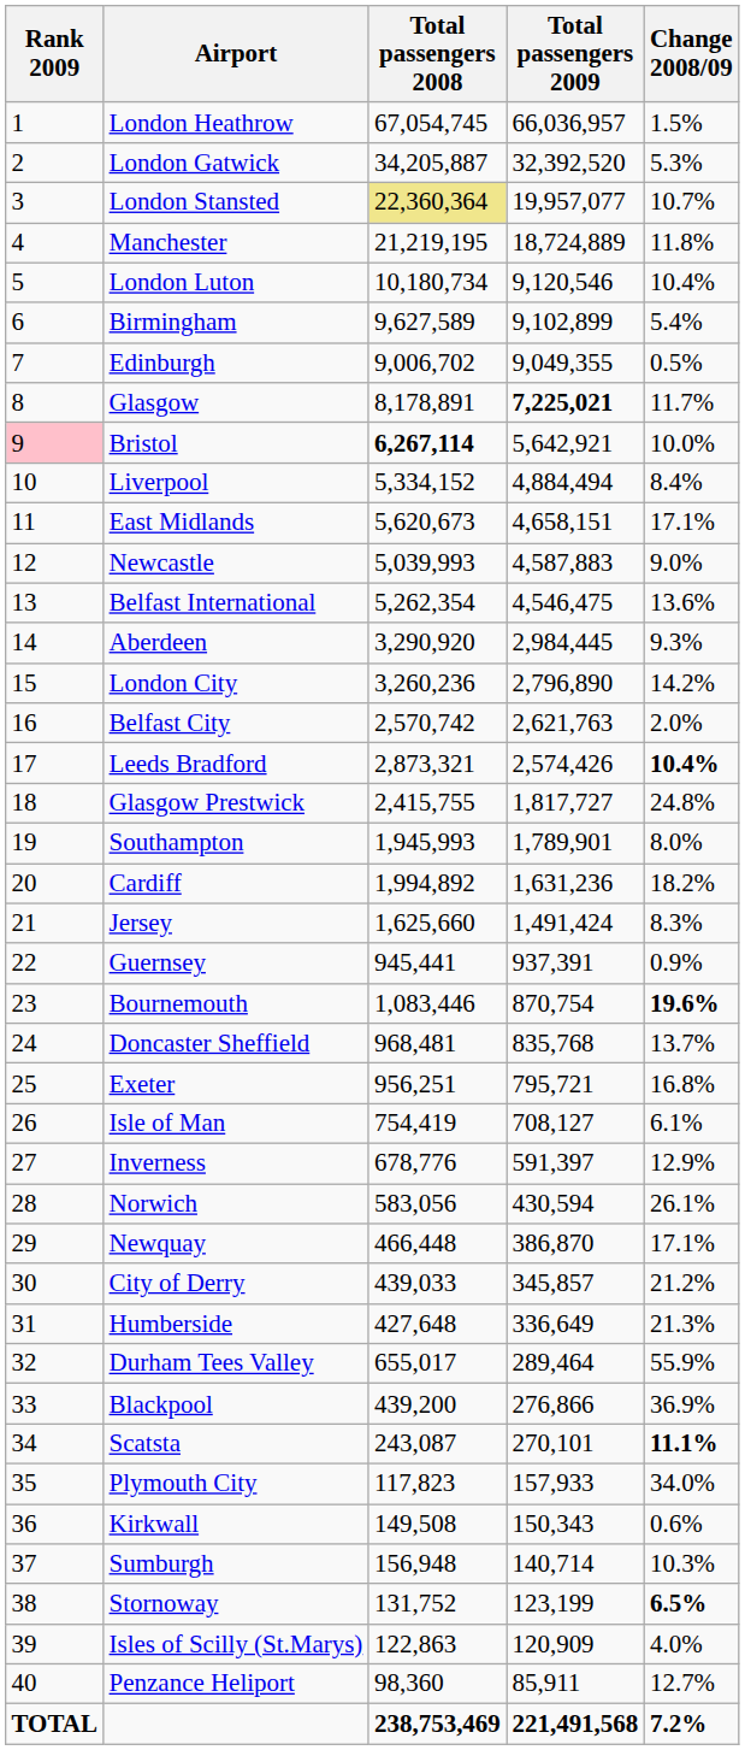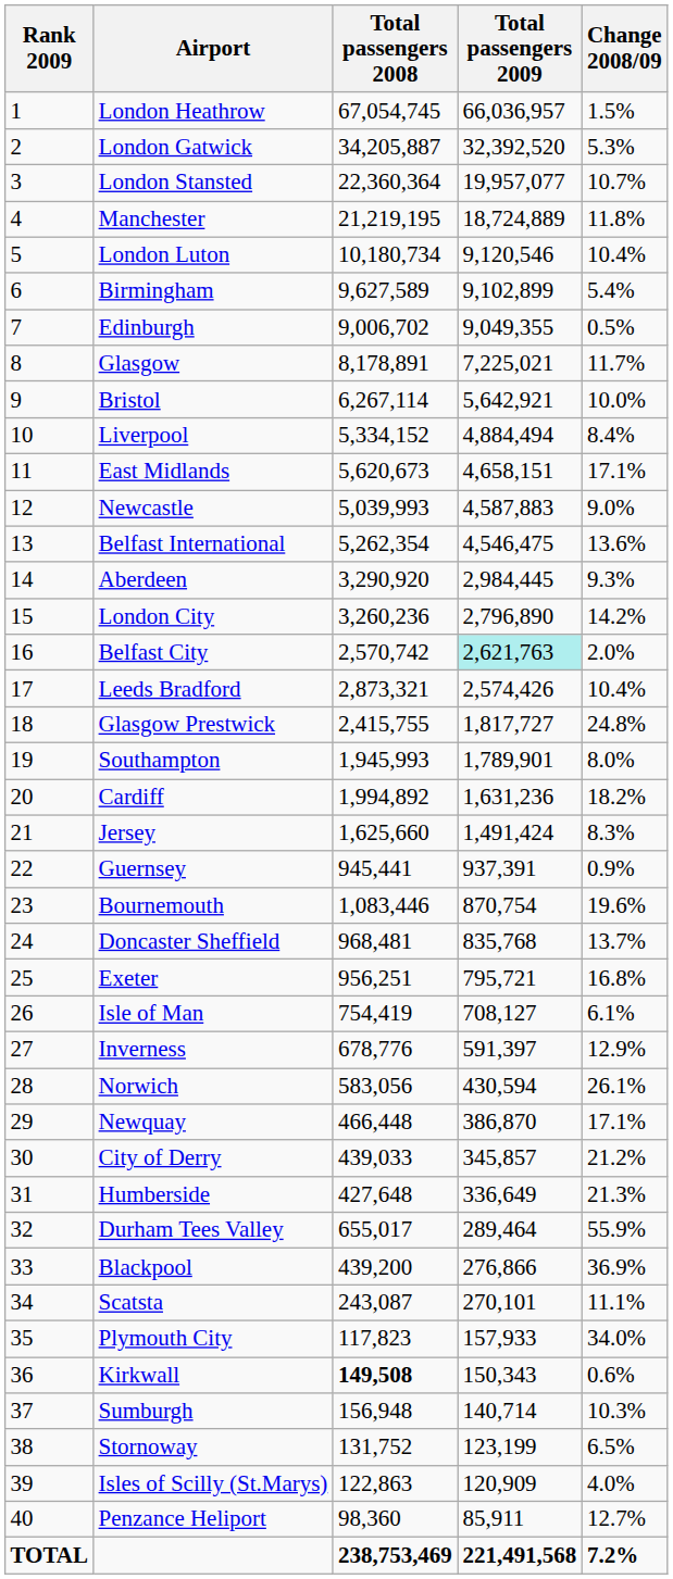 <table class="wikitable sortable">
 <tr>
 <th>Rank<br>2009</th>
 <th>Airport</th>
 <th>Total<br>passengers<br>2008</th>
 <th>Total<br>passengers<br>2009</th>
 <th>Change<br>2008/09</th>
 </tr>
 <tr>
 <td>1</td>
 <td><a href='#'>London Heathrow</a></td>
 <td>67,054,745</td>
 <td>66,036,957</td>
 <td>1.5%</td>
 </tr>
 <tr>
 <td>2</td>
 <td><a href='#'>London Gatwick</a></td>
 <td>34,205,887</td>
 <td>32,392,520</td>
 <td>5.3%</td>
 </tr>
 <tr>
 <td>3</td>
 <td><a href='#'>London Stansted</a></td>
-<td style="background: khaki;">22,360,364</td>
+<td>22,360,364</td>
 <td>19,957,077</td>
 <td>10.7%</td>
 </tr>
 <tr>
 <td>4</td>
 <td><a href='#'>Manchester</a></td>
 <td>21,219,195</td>
 <td>18,724,889</td>
 <td>11.8%</td>
 </tr>
 <tr>
 <td>5</td>
 <td><a href='#'>London Luton</a></td>
 <td>10,180,734</td>
 <td>9,120,546</td>
 <td>10.4%</td>
 </tr>
 <tr>
 <td>6</td>
 <td><a href='#'>Birmingham</a></td>
 <td>9,627,589</td>
 <td>9,102,899</td>
 <td>5.4%</td>
 </tr>
 <tr>
 <td>7</td>
 <td><a href='#'>Edinburgh</a></td>
 <td>9,006,702</td>
 <td>9,049,355</td>
 <td>0.5%</td>
 </tr>
 <tr>
 <td>8</td>
 <td><a href='#'>Glasgow</a></td>
 <td>8,178,891</td>
-<td><strong>7,225,021</strong></td>
+<td>7,225,021</td>
 <td>11.7%</td>
 </tr>
 <tr>
-<td style="background: pink;">9</td>
+<td>9</td>
 <td><a href='#'>Bristol</a></td>
-<td><strong>6,267,114</strong></td>
+<td>6,267,114</td>
 <td>5,642,921</td>
 <td>10.0%</td>
 </tr>
 <tr>
 <td>10</td>
 <td><a href='#'>Liverpool</a></td>
 <td>5,334,152</td>
 <td>4,884,494</td>
 <td>8.4%</td>
 </tr>
 <tr>
 <td>11</td>
 <td><a href='#'>East Midlands</a></td>
 <td>5,620,673</td>
 <td>4,658,151</td>
 <td>17.1%</td>
 </tr>
 <tr>
 <td>12</td>
 <td><a href='#'>Newcastle</a></td>
 <td>5,039,993</td>
 <td>4,587,883</td>
 <td>9.0%</td>
 </tr>
 <tr>
 <td>13</td>
 <td><a href='#'>Belfast International</a></td>
 <td>5,262,354</td>
 <td>4,546,475</td>
 <td>13.6%</td>
 </tr>
 <tr>
 <td>14</td>
 <td><a href='#'>Aberdeen</a></td>
 <td>3,290,920</td>
 <td>2,984,445</td>
 <td>9.3%</td>
 </tr>
 <tr>
 <td>15</td>
 <td><a href='#'>London City</a></td>
 <td>3,260,236</td>
 <td>2,796,890</td>
 <td>14.2%</td>
 </tr>
 <tr>
 <td>16</td>
 <td><a href='#'>Belfast City</a></td>
 <td>2,570,742</td>
-<td>2,621,763</td>
+<td style="background: paleturquoise;">2,621,763</td>
 <td>2.0%</td>
 </tr>
 <tr>
 <td>17</td>
 <td><a href='#'>Leeds Bradford</a></td>
 <td>2,873,321</td>
 <td>2,574,426</td>
-<td><strong>10.4%</strong></td>
+<td>10.4%</td>
 </tr>
 <tr>
 <td>18</td>
 <td><a href='#'>Glasgow Prestwick</a></td>
 <td>2,415,755</td>
 <td>1,817,727</td>
 <td>24.8%</td>
 </tr>
 <tr>
 <td>19</td>
 <td><a href='#'>Southampton</a></td>
 <td>1,945,993</td>
 <td>1,789,901</td>
 <td>8.0%</td>
 </tr>
 <tr>
 <td>20</td>
 <td><a href='#'>Cardiff</a></td>
 <td>1,994,892</td>
 <td>1,631,236</td>
 <td>18.2%</td>
 </tr>
 <tr>
 <td>21</td>
 <td><a href='#'>Jersey</a></td>
 <td>1,625,660</td>
 <td>1,491,424</td>
 <td>8.3%</td>
 </tr>
 <tr>
 <td>22</td>
 <td><a href='#'>Guernsey</a></td>
 <td>945,441</td>
 <td>937,391</td>
 <td>0.9%</td>
 </tr>
 <tr>
 <td>23</td>
 <td><a href='#'>Bournemouth</a></td>
 <td>1,083,446</td>
 <td>870,754</td>
-<td><strong>19.6%</strong></td>
+<td>19.6%</td>
 </tr>
 <tr>
 <td>24</td>
 <td><a href='#'>Doncaster Sheffield</a></td>
 <td>968,481</td>
 <td>835,768</td>
 <td>13.7%</td>
 </tr>
 <tr>
 <td>25</td>
 <td><a href='#'>Exeter</a></td>
 <td>956,251</td>
 <td>795,721</td>
 <td>16.8%</td>
 </tr>
 <tr>
 <td>26</td>
 <td><a href='#'>Isle of Man</a></td>
 <td>754,419</td>
 <td>708,127</td>
 <td>6.1%</td>
 </tr>
 <tr>
 <td>27</td>
 <td><a href='#'>Inverness</a></td>
 <td>678,776</td>
 <td>591,397</td>
 <td>12.9%</td>
 </tr>
 <tr>
 <td>28</td>
 <td><a href='#'>Norwich</a></td>
 <td>583,056</td>
 <td>430,594</td>
 <td>26.1%</td>
 </tr>
 <tr>
 <td>29</td>
 <td><a href='#'>Newquay</a></td>
 <td>466,448</td>
 <td>386,870</td>
 <td>17.1%</td>
 </tr>
 <tr>
 <td>30</td>
 <td><a href='#'>City of Derry</a></td>
 <td>439,033</td>
 <td>345,857</td>
 <td>21.2%</td>
 </tr>
 <tr>
 <td>31</td>
 <td><a href='#'>Humberside</a></td>
 <td>427,648</td>
 <td>336,649</td>
 <td>21.3%</td>
 </tr>
 <tr>
 <td>32</td>
 <td><a href='#'>Durham Tees Valley</a></td>
 <td>655,017</td>
 <td>289,464</td>
 <td>55.9%</td>
 </tr>
 <tr>
 <td>33</td>
 <td><a href='#'>Blackpool</a></td>
 <td>439,200</td>
 <td>276,866</td>
 <td>36.9%</td>
 </tr>
 <tr>
 <td>34</td>
 <td><a href='#'>Scatsta</a></td>
 <td>243,087</td>
 <td>270,101</td>
-<td><strong>11.1%</strong></td>
+<td>11.1%</td>
 </tr>
 <tr>
 <td>35</td>
 <td><a href='#'>Plymouth City</a></td>
 <td>117,823</td>
 <td>157,933</td>
 <td>34.0%</td>
 </tr>
 <tr>
 <td>36</td>
 <td><a href='#'>Kirkwall</a></td>
-<td>149,508</td>
+<td><strong>149,508</strong></td>
 <td>150,343</td>
 <td>0.6%</td>
 </tr>
 <tr>
 <td>37</td>
 <td><a href='#'>Sumburgh</a></td>
 <td>156,948</td>
 <td>140,714</td>
 <td>10.3%</td>
 </tr>
 <tr>
 <td>38</td>
 <td><a href='#'>Stornoway</a></td>
 <td>131,752</td>
 <td>123,199</td>
-<td><strong>6.5%</strong></td>
+<td>6.5%</td>
 </tr>
 <tr>
 <td>39</td>
 <td><a href='#'>Isles of Scilly (St.Marys)</a></td>
 <td>122,863</td>
 <td>120,909</td>
 <td>4.0%</td>
 </tr>
 <tr>
 <td>40</td>
 <td><a href='#'>Penzance Heliport</a></td>
 <td>98,360</td>
 <td>85,911</td>
 <td>12.7%</td>
 </tr>
 <tr class="sortbottom">
 <td><strong>TOTAL</strong></td>
 <td></td>
 <td><strong>238,753,469</strong></td>
 <td><strong>221,491,568</strong></td>
 <td><strong>7.2%</strong></td>
 </tr>
 </table>
